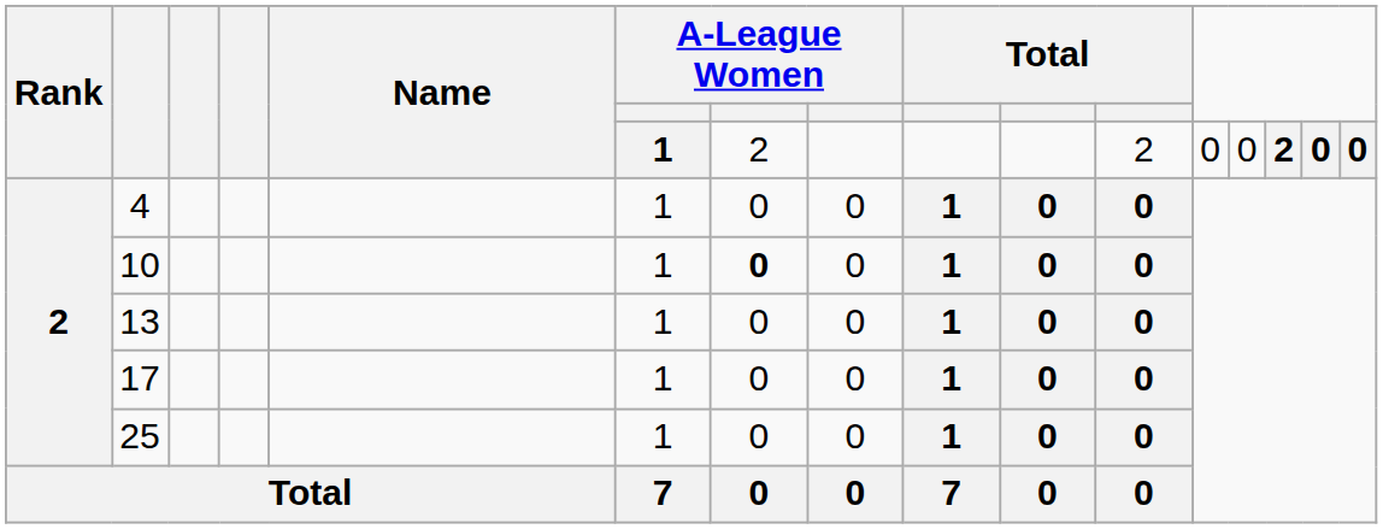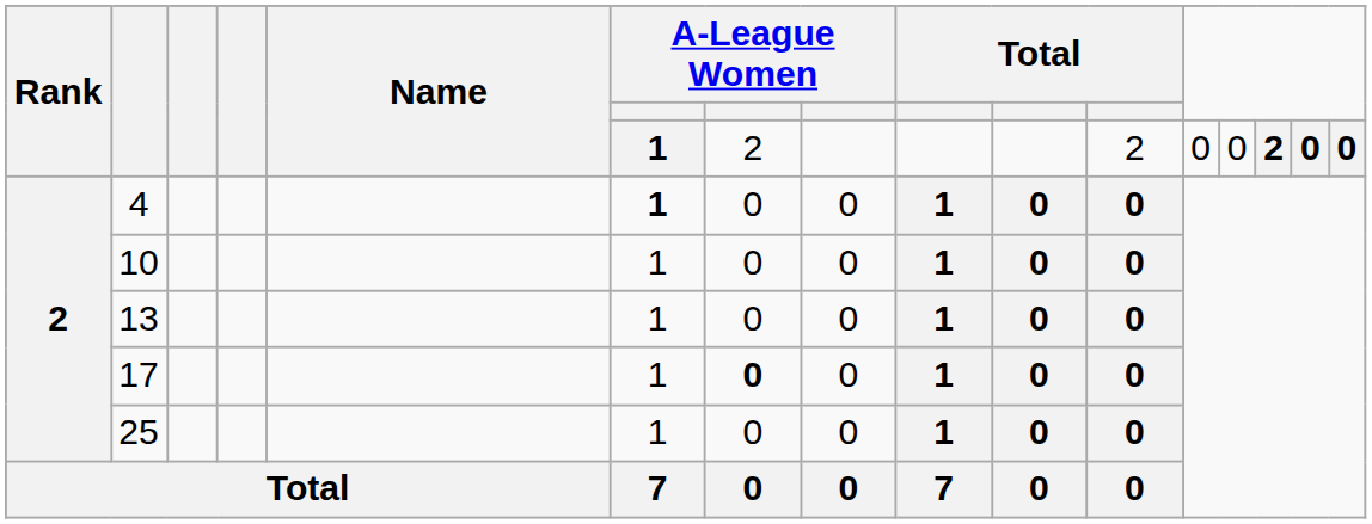 <table class="wikitable sortable" style="text-align:center;">
 <tr>
 <th rowspan="3" width="15">Rank</th>
 <th rowspan="3" width="15"></th>
 <th rowspan="3" width="15"></th>
 <th rowspan="3" width="15"></th>
 <th rowspan="3" width="145">Name</th>
 <th colspan="3" width="120"><a href='#'>A-League Women</a></th>
 <th colspan="3" width="120">Total</th>
 </tr>
 <tr>
 <th style="width:30px"></th>
 <th style="width:30px"></th>
 <th style="width:30px"></th>
 <th style="width:30px"></th>
 <th style="width:30px"></th>
 <th style="width:30px"></th>
 </tr>
 <tr>
 <th>1</th>
 <td>2</td>
 <td></td>
 <td></td>
 <td align="left"><br></td>
 <td>2</td>
 <td>0</td>
 <td>0<br></td>
 <th>2</th>
 <th>0</th>
 <th>0</th>
 </tr>
 <tr>
 <th rowspan="5">2</th>
 <td>4</td>
 <td></td>
 <td></td>
 <td align="left"><br></td>
-<td>1</td>
+<td><strong>1</strong></td>
 <td>0</td>
 <td>0<br></td>
 <th>1</th>
 <th>0</th>
 <th>0</th>
 </tr>
 <tr>
 <td>10</td>
 <td></td>
 <td></td>
 <td align="left"><br></td>
 <td>1</td>
-<td><strong>0</strong></td>
+<td>0</td>
 <td>0<br></td>
 <th>1</th>
 <th>0</th>
 <th>0</th>
 </tr>
 <tr>
 <td>13</td>
 <td></td>
 <td></td>
 <td align="left"><br></td>
 <td>1</td>
 <td>0</td>
 <td>0<br></td>
 <th>1</th>
 <th>0</th>
 <th>0</th>
 </tr>
 <tr>
 <td>17</td>
 <td></td>
 <td></td>
 <td align="left"><br></td>
 <td>1</td>
-<td>0</td>
+<td><strong>0</strong></td>
 <td>0<br></td>
 <th>1</th>
 <th>0</th>
 <th>0</th>
 </tr>
 <tr>
 <td>25</td>
 <td></td>
 <td></td>
 <td align="left"><br></td>
 <td>1</td>
 <td>0</td>
 <td>0<br></td>
 <th>1</th>
 <th>0</th>
 <th>0</th>
 </tr>
 <tr>
 <th colspan="5">Total<br></th>
 <th>7</th>
 <th>0</th>
 <th>0<br></th>
 <th>7</th>
 <th>0</th>
 <th>0</th>
 </tr>
 </table>
